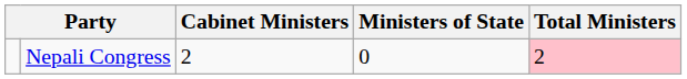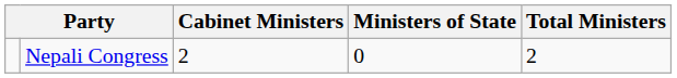 <table class="wikitable">
 <tr>
 <th colspan="2">Party</th>
 <th>Cabinet Ministers</th>
 <th>Ministers of State</th>
 <th>Total Ministers</th>
 </tr>
 <tr>
 <td width="4px"></td>
 <td><a href='#'>Nepali Congress</a></td>
 <td>2</td>
 <td>0</td>
-<td style="background: pink;">2</td>
+<td>2</td>
 </tr>
 </table>
